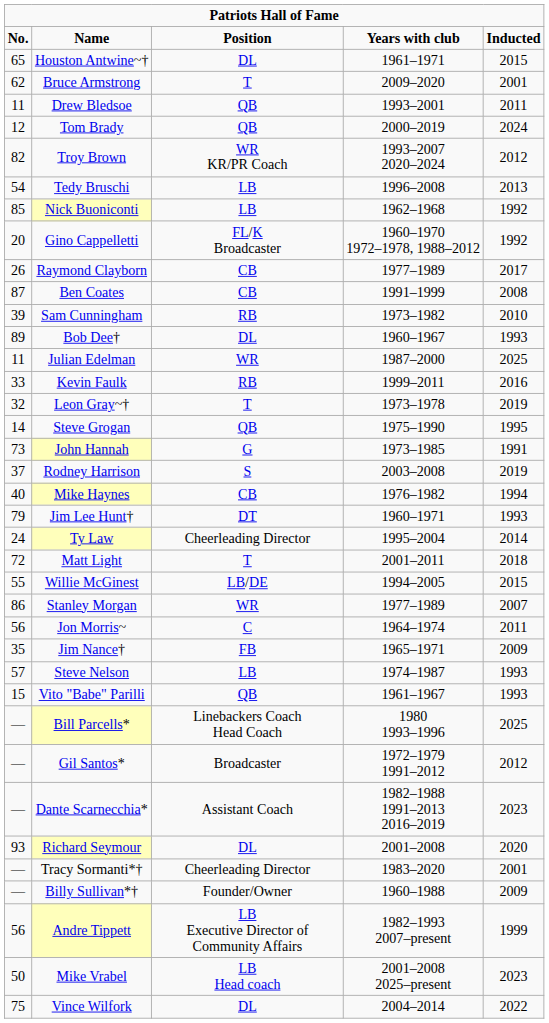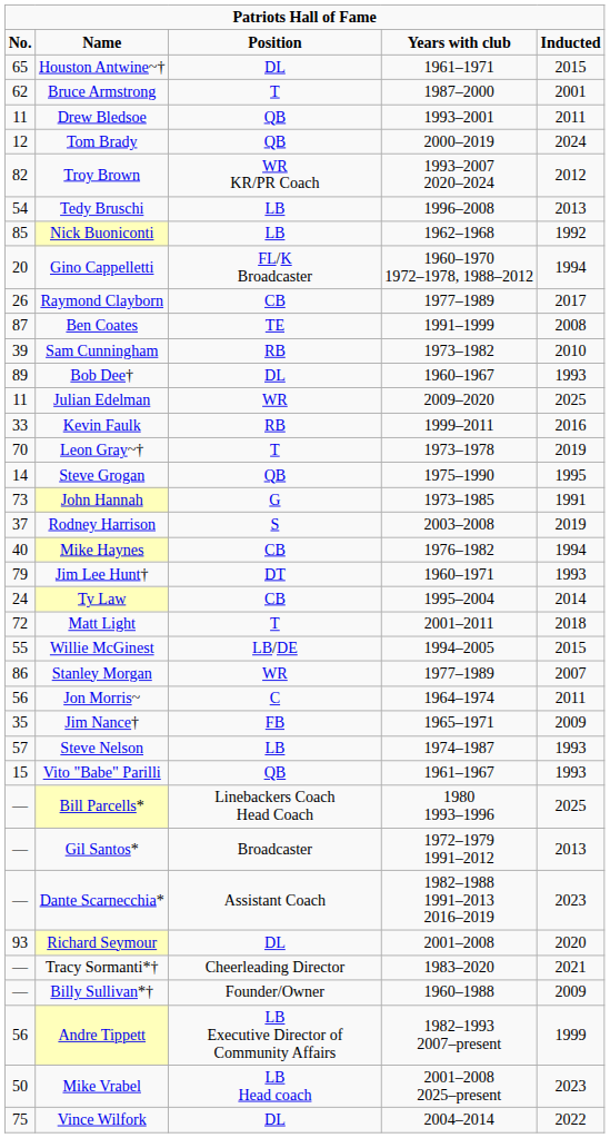 <table class="wikitable" style="text-align:center">
 <tr>
 <td colspan="5"><strong>Patriots Hall of Fame</strong></td>
 </tr>
 <tr>
 <td><strong>No.</strong></td>
 <td><strong>Name</strong></td>
 <td style="width:210px;"><strong>Position </strong></td>
 <td><strong>Years with club</strong></td>
 <td><strong>Inducted</strong></td>
 </tr>
 <tr>
 <td>65</td>
 <td><a href='#'>Houston Antwine</a>~†</td>
 <td><a href='#'>DL</a></td>
 <td>1961–1971</td>
 <td>2015</td>
 </tr>
 <tr>
 <td>62</td>
 <td><a href='#'>Bruce Armstrong</a></td>
 <td><a href='#'>T</a></td>
-<td>2009–2020</td>
+<td>1987–2000</td>
 <td>2001</td>
 </tr>
 <tr>
 <td>11</td>
 <td><a href='#'>Drew Bledsoe</a></td>
 <td><a href='#'>QB</a></td>
 <td>1993–2001</td>
 <td>2011</td>
 </tr>
 <tr>
 <td>12</td>
 <td><a href='#'>Tom Brady</a></td>
 <td><a href='#'>QB</a></td>
 <td>2000–2019</td>
 <td>2024</td>
 </tr>
 <tr>
 <td>82</td>
 <td><a href='#'>Troy Brown</a></td>
 <td><a href='#'>WR</a><br>KR/PR Coach</td>
 <td>1993–2007<br>2020–2024</td>
 <td>2012</td>
 </tr>
 <tr>
 <td>54</td>
 <td><a href='#'>Tedy Bruschi</a></td>
 <td><a href='#'>LB</a></td>
 <td>1996–2008</td>
 <td>2013</td>
 </tr>
 <tr>
 <td>85</td>
 <td style="background:#ffb"><a href='#'>Nick Buoniconti</a></td>
 <td><a href='#'>LB</a></td>
 <td>1962–1968</td>
 <td>1992</td>
 </tr>
 <tr>
 <td>20</td>
 <td><a href='#'>Gino Cappelletti</a></td>
 <td><a href='#'>FL</a>/<a href='#'>K</a><br>Broadcaster</td>
 <td>1960–1970<br>1972–1978, 1988–2012</td>
-<td>1992</td>
+<td>1994</td>
 </tr>
 <tr>
 <td>26</td>
 <td><a href='#'>Raymond Clayborn</a></td>
 <td><a href='#'>CB</a></td>
 <td>1977–1989</td>
 <td>2017</td>
 </tr>
 <tr>
 <td>87</td>
 <td><a href='#'>Ben Coates</a></td>
-<td><a href='#'>CB</a></td>
+<td><a href='#'>TE</a></td>
 <td>1991–1999</td>
 <td>2008</td>
 </tr>
 <tr>
 <td>39</td>
 <td><a href='#'>Sam Cunningham</a></td>
 <td><a href='#'>RB</a></td>
 <td>1973–1982</td>
 <td>2010</td>
 </tr>
 <tr>
 <td>89</td>
 <td><a href='#'>Bob Dee</a>†</td>
 <td><a href='#'>DL</a></td>
 <td>1960–1967</td>
 <td>1993</td>
 </tr>
 <tr>
 <td>11</td>
 <td><a href='#'>Julian Edelman</a></td>
 <td><a href='#'>WR</a></td>
-<td>1987–2000</td>
+<td>2009–2020</td>
 <td>2025</td>
 </tr>
 <tr>
 <td>33</td>
 <td><a href='#'>Kevin Faulk</a></td>
 <td><a href='#'>RB</a></td>
 <td>1999–2011</td>
 <td>2016</td>
 </tr>
 <tr>
-<td>32</td>
+<td>70</td>
 <td><a href='#'>Leon Gray</a>~†</td>
 <td><a href='#'>T</a></td>
 <td>1973–1978</td>
 <td>2019</td>
 </tr>
 <tr>
 <td>14</td>
 <td><a href='#'>Steve Grogan</a></td>
 <td><a href='#'>QB</a></td>
 <td>1975–1990</td>
 <td>1995</td>
 </tr>
 <tr>
 <td>73</td>
 <td style="background:#ffb"><a href='#'>John Hannah</a></td>
 <td><a href='#'>G</a></td>
 <td>1973–1985</td>
 <td>1991</td>
 </tr>
 <tr>
 <td>37</td>
 <td><a href='#'>Rodney Harrison</a></td>
 <td><a href='#'>S</a></td>
 <td>2003–2008</td>
 <td>2019</td>
 </tr>
 <tr>
 <td>40</td>
 <td style="background:#ffb"><a href='#'>Mike Haynes</a></td>
 <td><a href='#'>CB</a></td>
 <td>1976–1982</td>
 <td>1994</td>
 </tr>
 <tr>
 <td>79</td>
 <td><a href='#'>Jim Lee Hunt</a>†</td>
 <td><a href='#'>DT</a></td>
 <td>1960–1971</td>
 <td>1993</td>
 </tr>
 <tr>
 <td>24</td>
 <td style="background:#ffb"><a href='#'>Ty Law</a></td>
-<td>Cheerleading Director</td>
+<td><a href='#'>CB</a></td>
 <td>1995–2004</td>
 <td>2014</td>
 </tr>
 <tr>
 <td>72</td>
 <td><a href='#'>Matt Light</a></td>
 <td><a href='#'>T</a></td>
 <td>2001–2011</td>
 <td>2018</td>
 </tr>
 <tr>
 <td>55</td>
 <td><a href='#'>Willie McGinest</a></td>
 <td><a href='#'>LB</a>/<a href='#'>DE</a></td>
 <td>1994–2005</td>
 <td>2015</td>
 </tr>
 <tr>
 <td>86</td>
 <td><a href='#'>Stanley Morgan</a></td>
 <td><a href='#'>WR</a></td>
 <td>1977–1989</td>
 <td>2007</td>
 </tr>
 <tr>
 <td>56</td>
 <td><a href='#'>Jon Morris</a>~</td>
 <td><a href='#'>C</a></td>
 <td>1964–1974</td>
 <td>2011</td>
 </tr>
 <tr>
 <td>35</td>
 <td><a href='#'>Jim Nance</a>†</td>
 <td><a href='#'>FB</a></td>
 <td>1965–1971</td>
 <td>2009</td>
 </tr>
 <tr>
 <td>57</td>
 <td><a href='#'>Steve Nelson</a></td>
 <td><a href='#'>LB</a></td>
 <td>1974–1987</td>
 <td>1993</td>
 </tr>
 <tr>
 <td>15</td>
 <td><a href='#'>Vito "Babe" Parilli</a></td>
 <td><a href='#'>QB</a></td>
 <td>1961–1967</td>
 <td>1993</td>
 </tr>
 <tr>
 <td>—</td>
 <td style="background:#ffb"><a href='#'>Bill Parcells</a>*</td>
 <td>Linebackers Coach <br> Head Coach</td>
 <td>1980 <br> 1993–1996</td>
 <td>2025</td>
 </tr>
 <tr>
 <td>—</td>
 <td><a href='#'>Gil Santos</a>*</td>
 <td>Broadcaster</td>
 <td>1972–1979<br>1991–2012</td>
-<td>2012</td>
+<td>2013</td>
 </tr>
 <tr>
 <td>—</td>
 <td><a href='#'>Dante Scarnecchia</a>*</td>
 <td>Assistant Coach</td>
 <td>1982–1988<br>1991–2013<br>2016–2019</td>
 <td>2023</td>
 </tr>
 <tr>
 <td>93</td>
 <td style="background:#ffb"><a href='#'>Richard Seymour</a></td>
 <td><a href='#'>DL</a></td>
 <td>2001–2008</td>
 <td>2020</td>
 </tr>
 <tr>
 <td>—</td>
 <td>Tracy Sormanti*†</td>
 <td>Cheerleading Director</td>
 <td>1983–2020</td>
-<td>2001</td>
+<td>2021</td>
 </tr>
 <tr>
 <td>—</td>
 <td><a href='#'>Billy Sullivan</a>*†</td>
 <td>Founder/Owner</td>
 <td>1960–1988</td>
 <td>2009</td>
 </tr>
 <tr>
 <td>56</td>
 <td style="background:#ffb"><a href='#'>Andre Tippett</a></td>
 <td><a href='#'>LB</a><br> Executive Director of Community Affairs</td>
 <td>1982–1993<br>2007–present</td>
 <td>1999</td>
 </tr>
 <tr>
 <td>50</td>
 <td><a href='#'>Mike Vrabel</a></td>
 <td><a href='#'>LB</a> <br> <a href='#'>Head coach</a></td>
 <td>2001–2008<br>2025–present</td>
 <td>2023</td>
 </tr>
 <tr>
 <td>75</td>
 <td><a href='#'>Vince Wilfork</a></td>
 <td><a href='#'>DL</a></td>
 <td>2004–2014</td>
 <td>2022</td>
 </tr>
 </table>
